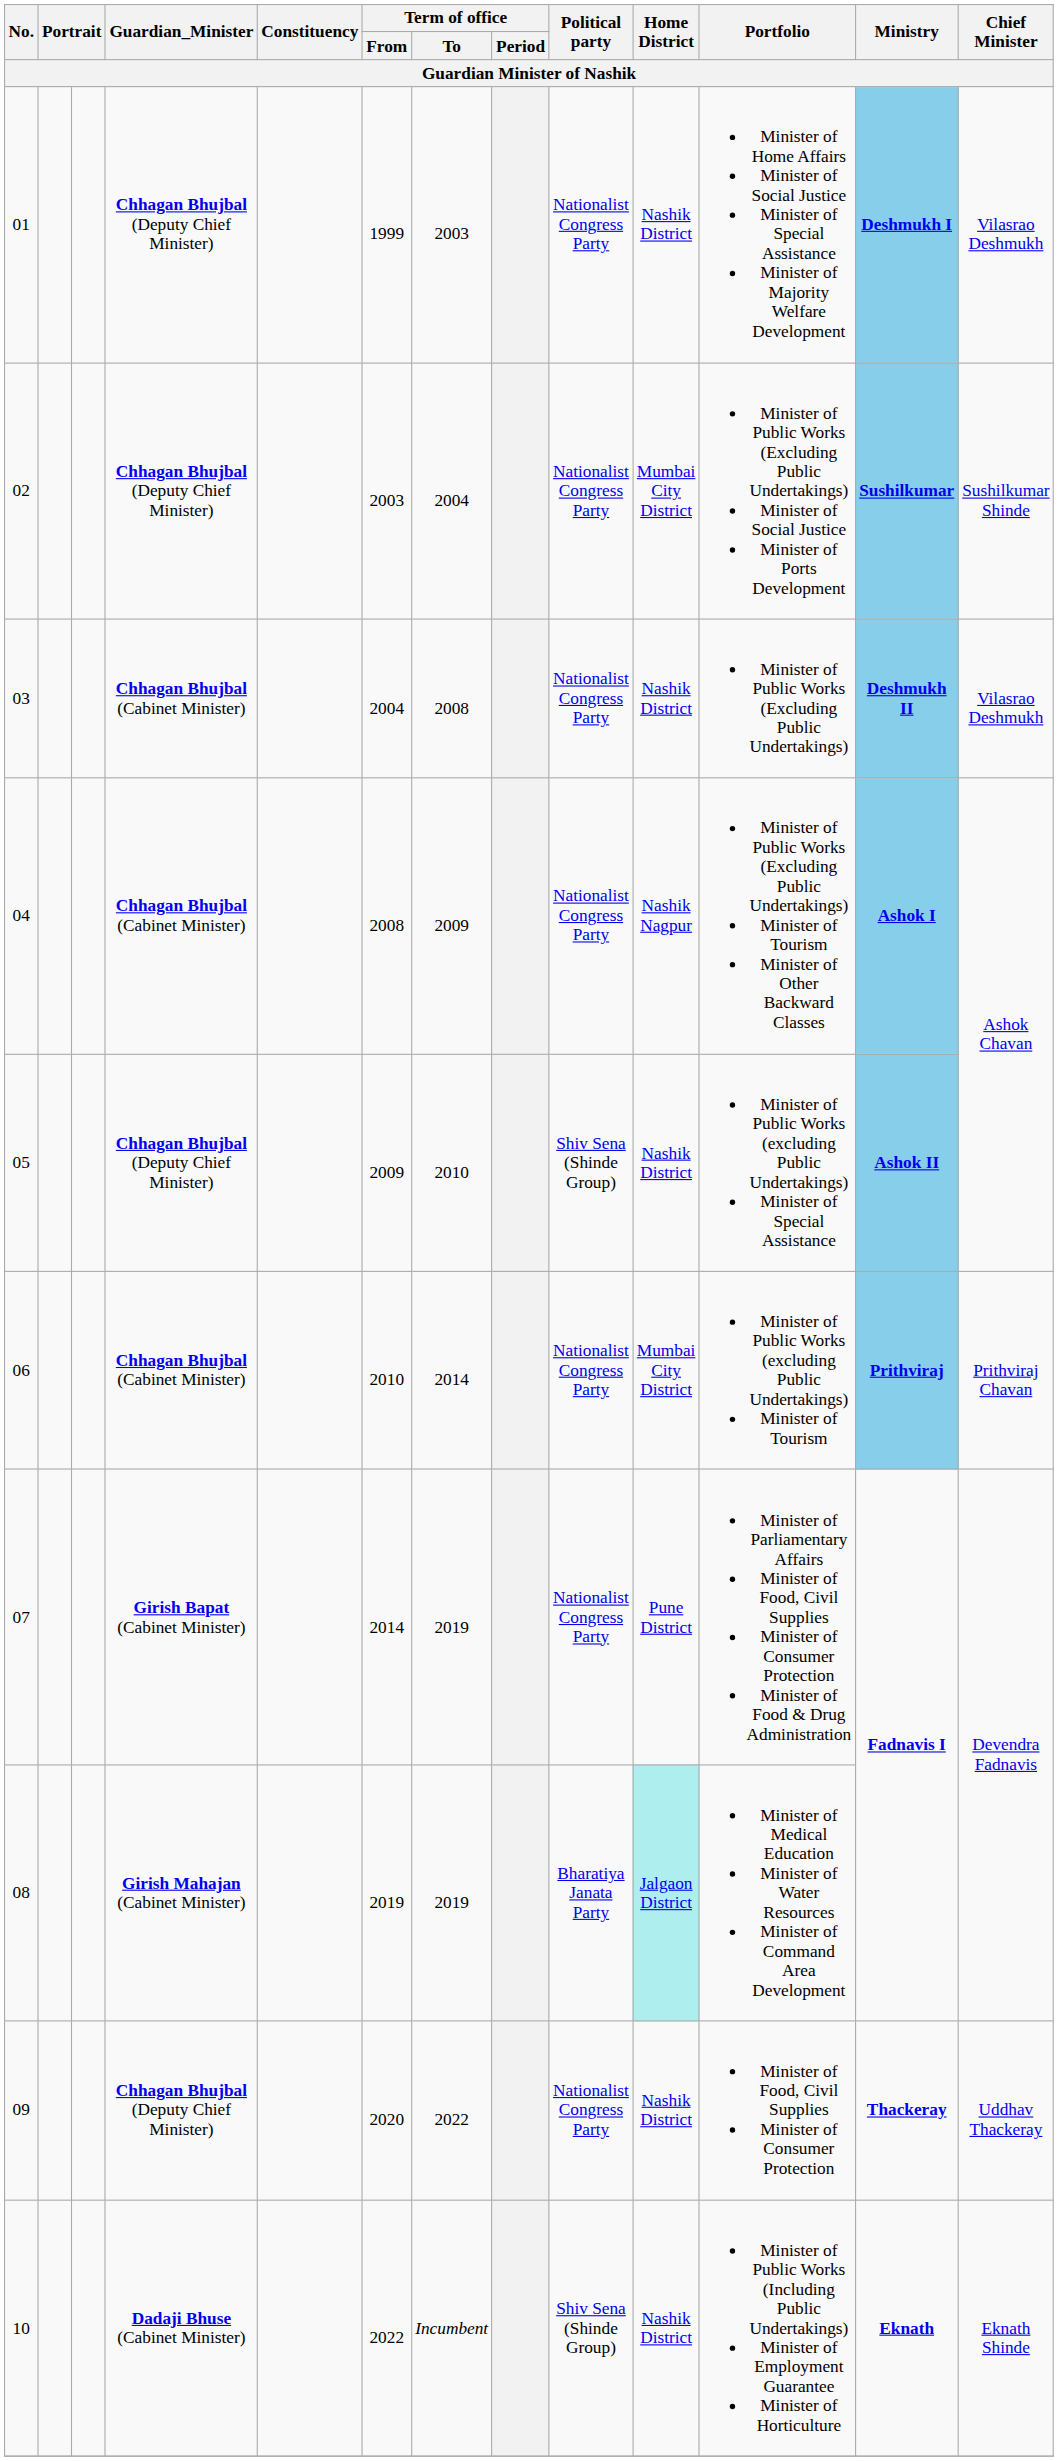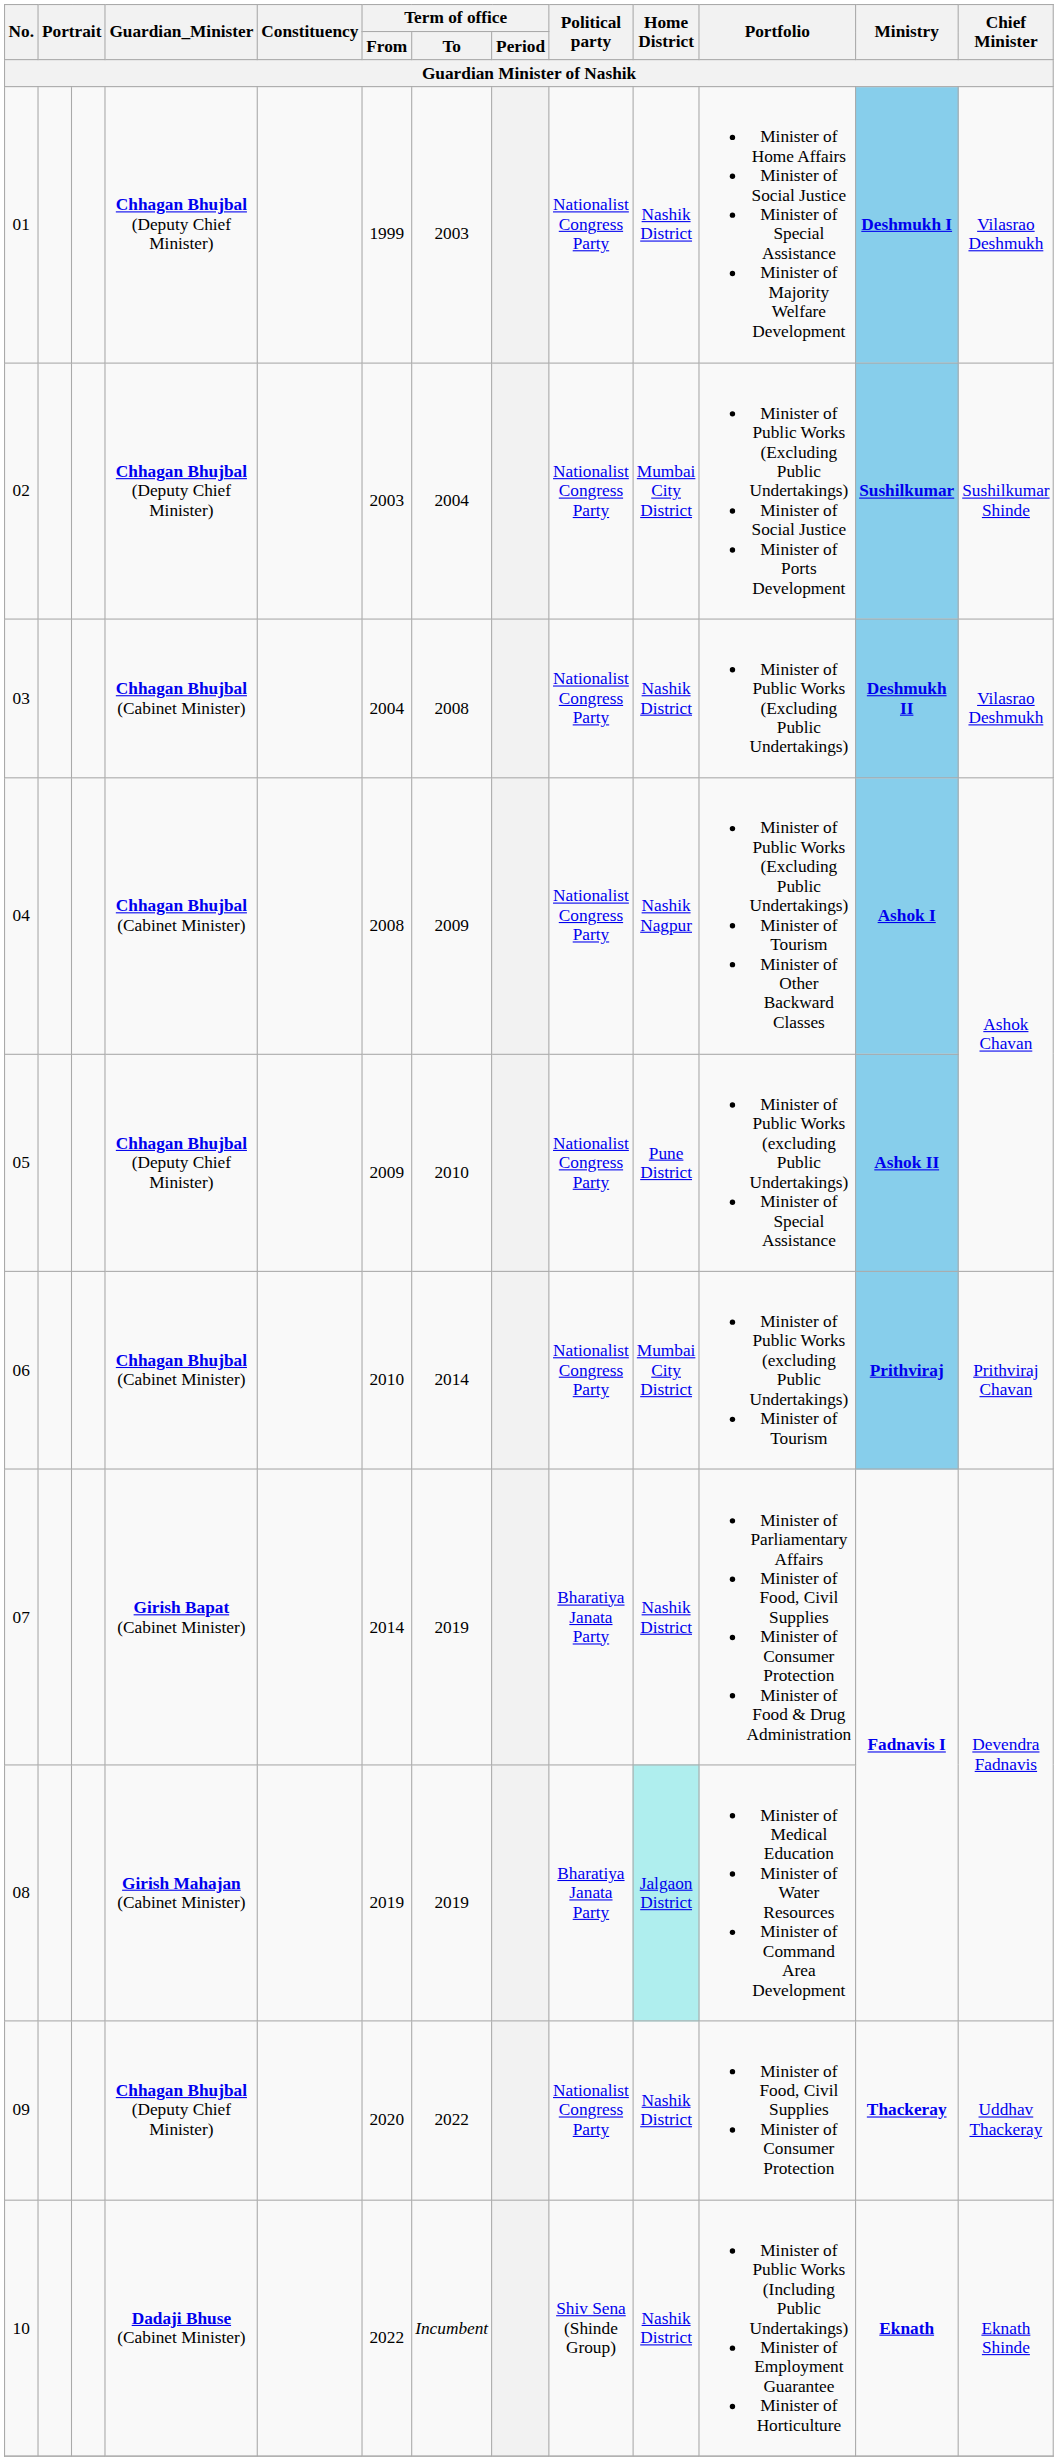 <table class="wikitable" style="text-align:center">
 <tr>
 <th rowspan="2">No.</th>
 <th rowspan="2" colspan="2">Portrait</th>
 <th rowspan="2" style="width:16em">Guardian_Minister</th>
 <th rowspan="2">Constituency</th>
 <th colspan="3">Term of office</th>
 <th rowspan="2" style="width:8em">Political party</th>
 <th rowspan="2">Home District</th>
 <th rowspan="2">Portfolio</th>
 <th rowspan="2">Ministry</th>
 <th rowspan="2" style="width:9em">Chief Minister</th>
 </tr>
 <tr>
 <th style="width:6em">From</th>
 <th style="width:6em">To</th>
 <th>Period</th>
 </tr>
 <tr>
 <th colspan="13">Guardian Minister of Nashik</th>
 </tr>
 <tr>
 <td>01</td>
 <td></td>
 <td></td>
 <td><strong><a href='#'>Chhagan Bhujbal</a></strong> <br> (Deputy Chief Minister)</td>
 <td></td>
 <td><br>1999</td>
 <td><br>2003</td>
 <th></th>
 <td><a href='#'>Nationalist Congress Party</a></td>
 <td><a href='#'>Nashik District</a></td>
 <td><br><ul><li>Minister of Home Affairs</li><li>Minister of Social Justice</li><li>Minister of Special Assistance</li><li>Minister of Majority Welfare Development</li></ul></td>
 <td rowspan="1" bgcolor="#87CEEB"><a href='#'><strong>Deshmukh I</strong></a></td>
 <td rowspan="1"> <br><a href='#'>Vilasrao Deshmukh</a></td>
 </tr>
 <tr>
 <td>02</td>
 <td></td>
 <td></td>
 <td><strong><a href='#'>Chhagan Bhujbal</a></strong> <br> (Deputy Chief Minister)</td>
 <td></td>
 <td><br>2003</td>
 <td><br>2004</td>
 <th></th>
 <td><a href='#'>Nationalist Congress Party</a></td>
 <td><a href='#'>Mumbai City District</a></td>
 <td><br><ul><li>Minister of Public Works (Excluding Public Undertakings)</li><li>Minister of Social Justice</li><li>Minister of Ports Development</li></ul></td>
 <td rowspan="1" bgcolor="#87CEEB"><a href='#'><strong>Sushilkumar</strong></a></td>
 <td rowspan="1"> <br><a href='#'>Sushilkumar Shinde</a></td>
 </tr>
 <tr>
 <td>03</td>
 <td></td>
 <td></td>
 <td><strong><a href='#'>Chhagan Bhujbal</a></strong> <br> (Cabinet Minister)</td>
 <td></td>
 <td><br>2004</td>
 <td><br>2008</td>
 <th></th>
 <td><a href='#'>Nationalist Congress Party</a></td>
 <td><a href='#'>Nashik District</a></td>
 <td><br><ul><li>Minister of Public Works (Excluding Public Undertakings)</li></ul></td>
 <td rowspan="1" bgcolor="#87CEEB"><a href='#'><strong>Deshmukh II</strong></a></td>
 <td rowspan="1"> <br><a href='#'>Vilasrao Deshmukh</a></td>
 </tr>
 <tr>
 <td>04</td>
 <td></td>
 <td></td>
 <td><strong><a href='#'>Chhagan Bhujbal</a></strong> <br> (Cabinet Minister)</td>
 <td></td>
 <td><br>2008</td>
 <td><br>2009</td>
 <th></th>
 <td><a href='#'>Nationalist Congress Party</a></td>
 <td><a href='#'>Nashik Nagpur</a></td>
 <td><br><ul><li>Minister of Public Works (Excluding Public Undertakings)</li><li>Minister of Tourism</li><li>Minister of Other Backward Classes</li></ul></td>
 <td rowspan="1" bgcolor="#87CEEB"><a href='#'><strong>Ashok I</strong></a></td>
 <td rowspan="2"><br><a href='#'>Ashok Chavan</a></td>
 </tr>
 <tr>
 <td>05</td>
 <td></td>
 <td></td>
 <td><strong><a href='#'>Chhagan Bhujbal</a></strong>  <br> (Deputy Chief Minister)</td>
 <td></td>
 <td><br>2009</td>
 <td><br>2010</td>
 <th></th>
-<td><a href='#'>Shiv Sena</a> (Shinde Group)</td>
-<td><a href='#'>Nashik District</a></td>
+<td><a href='#'>Nationalist Congress Party</a></td>
+<td><a href='#'>Pune District</a></td>
 <td><br><ul><li>Minister of Public Works (excluding Public Undertakings)</li><li>Minister of Special Assistance</li></ul></td>
 <td rowspan="1"bgcolor="#87CEEB"><a href='#'><strong>Ashok II</strong></a></td>
 </tr>
 <tr>
 <td>06</td>
 <td></td>
 <td></td>
 <td><strong><a href='#'>Chhagan Bhujbal</a></strong> <br> (Cabinet Minister)</td>
 <td></td>
 <td><br>2010</td>
 <td><br>2014</td>
 <th></th>
 <td><a href='#'>Nationalist Congress Party</a></td>
 <td><a href='#'>Mumbai City District</a></td>
 <td><br><ul><li>Minister of Public Works (excluding Public Undertakings)</li><li>Minister of Tourism</li></ul></td>
 <td rowspan="1" bgcolor="#87CEEB"><a href='#'><strong>Prithviraj</strong></a></td>
 <td rowspan="1"><br><a href='#'>Prithviraj Chavan</a></td>
 </tr>
 <tr>
 <td>07</td>
 <td></td>
 <td></td>
 <td><strong><a href='#'>Girish Bapat</a></strong> <br> (Cabinet Minister)</td>
 <td></td>
 <td><br>2014</td>
 <td><br>2019</td>
 <th></th>
-<td><a href='#'>Nationalist Congress Party</a></td>
-<td><a href='#'>Pune District</a></td>
+<td rowspan="1"><a href='#'>Bharatiya Janata Party</a></td>
+<td><a href='#'>Nashik District</a></td>
 <td><br><ul><li>Minister of Parliamentary Affairs</li><li>Minister of Food, Civil Supplies</li><li>Minister of Consumer Protection</li><li>Minister of Food & Drug Administration</li></ul></td>
 <td rowspan="2"><a href='#'><strong>Fadnavis I</strong></a></td>
 <td rowspan="2"> <br><a href='#'>Devendra Fadnavis</a></td>
 </tr>
 <tr>
 <td>08</td>
 <td></td>
 <td></td>
 <td><strong><a href='#'>Girish Mahajan</a></strong> <br> (Cabinet Minister)</td>
 <td></td>
 <td><br>2019</td>
 <td><br>2019</td>
 <th></th>
 <td rowspan="1"><a href='#'>Bharatiya Janata Party</a></td>
 <td style="background: paleturquoise;"><a href='#'>Jalgaon District</a></td>
 <td><br><ul><li>Minister of Medical Education</li><li>Minister of Water Resources</li><li>Minister of Command Area Development</li></ul></td>
 </tr>
 <tr>
 <td>09</td>
 <td></td>
 <td></td>
 <td><strong><a href='#'>Chhagan Bhujbal</a></strong> <br> (Deputy Chief Minister)</td>
 <td></td>
 <td><br>2020</td>
 <td><br>2022</td>
 <th></th>
 <td><a href='#'>Nationalist Congress Party</a></td>
 <td><a href='#'>Nashik District</a></td>
 <td><br><ul><li>Minister of Food, Civil Supplies</li><li>Minister of Consumer Protection</li></ul></td>
 <td rowspan="1"><a href='#'><strong>Thackeray</strong></a></td>
 <td rowspan="1"> <br><a href='#'>Uddhav Thackeray</a></td>
 </tr>
 <tr>
 <td>10</td>
 <td></td>
 <td></td>
 <td><strong><a href='#'>Dadaji Bhuse</a></strong> <br> (Cabinet Minister)</td>
 <td></td>
 <td><br>2022</td>
 <td><em>Incumbent</em></td>
 <th></th>
 <td><a href='#'>Shiv Sena</a> (Shinde Group)</td>
 <td><a href='#'>Nashik District</a></td>
 <td><br><ul><li>Minister of Public Works (Including Public Undertakings)</li><li>Minister of Employment Guarantee</li><li>Minister of Horticulture</li></ul></td>
 <td rowspan="1"><a href='#'><strong>Eknath</strong></a></td>
 <td rowspan="1"> <br><a href='#'>Eknath Shinde</a></td>
 </tr>
 <tr>
 </tr>
 </table>
